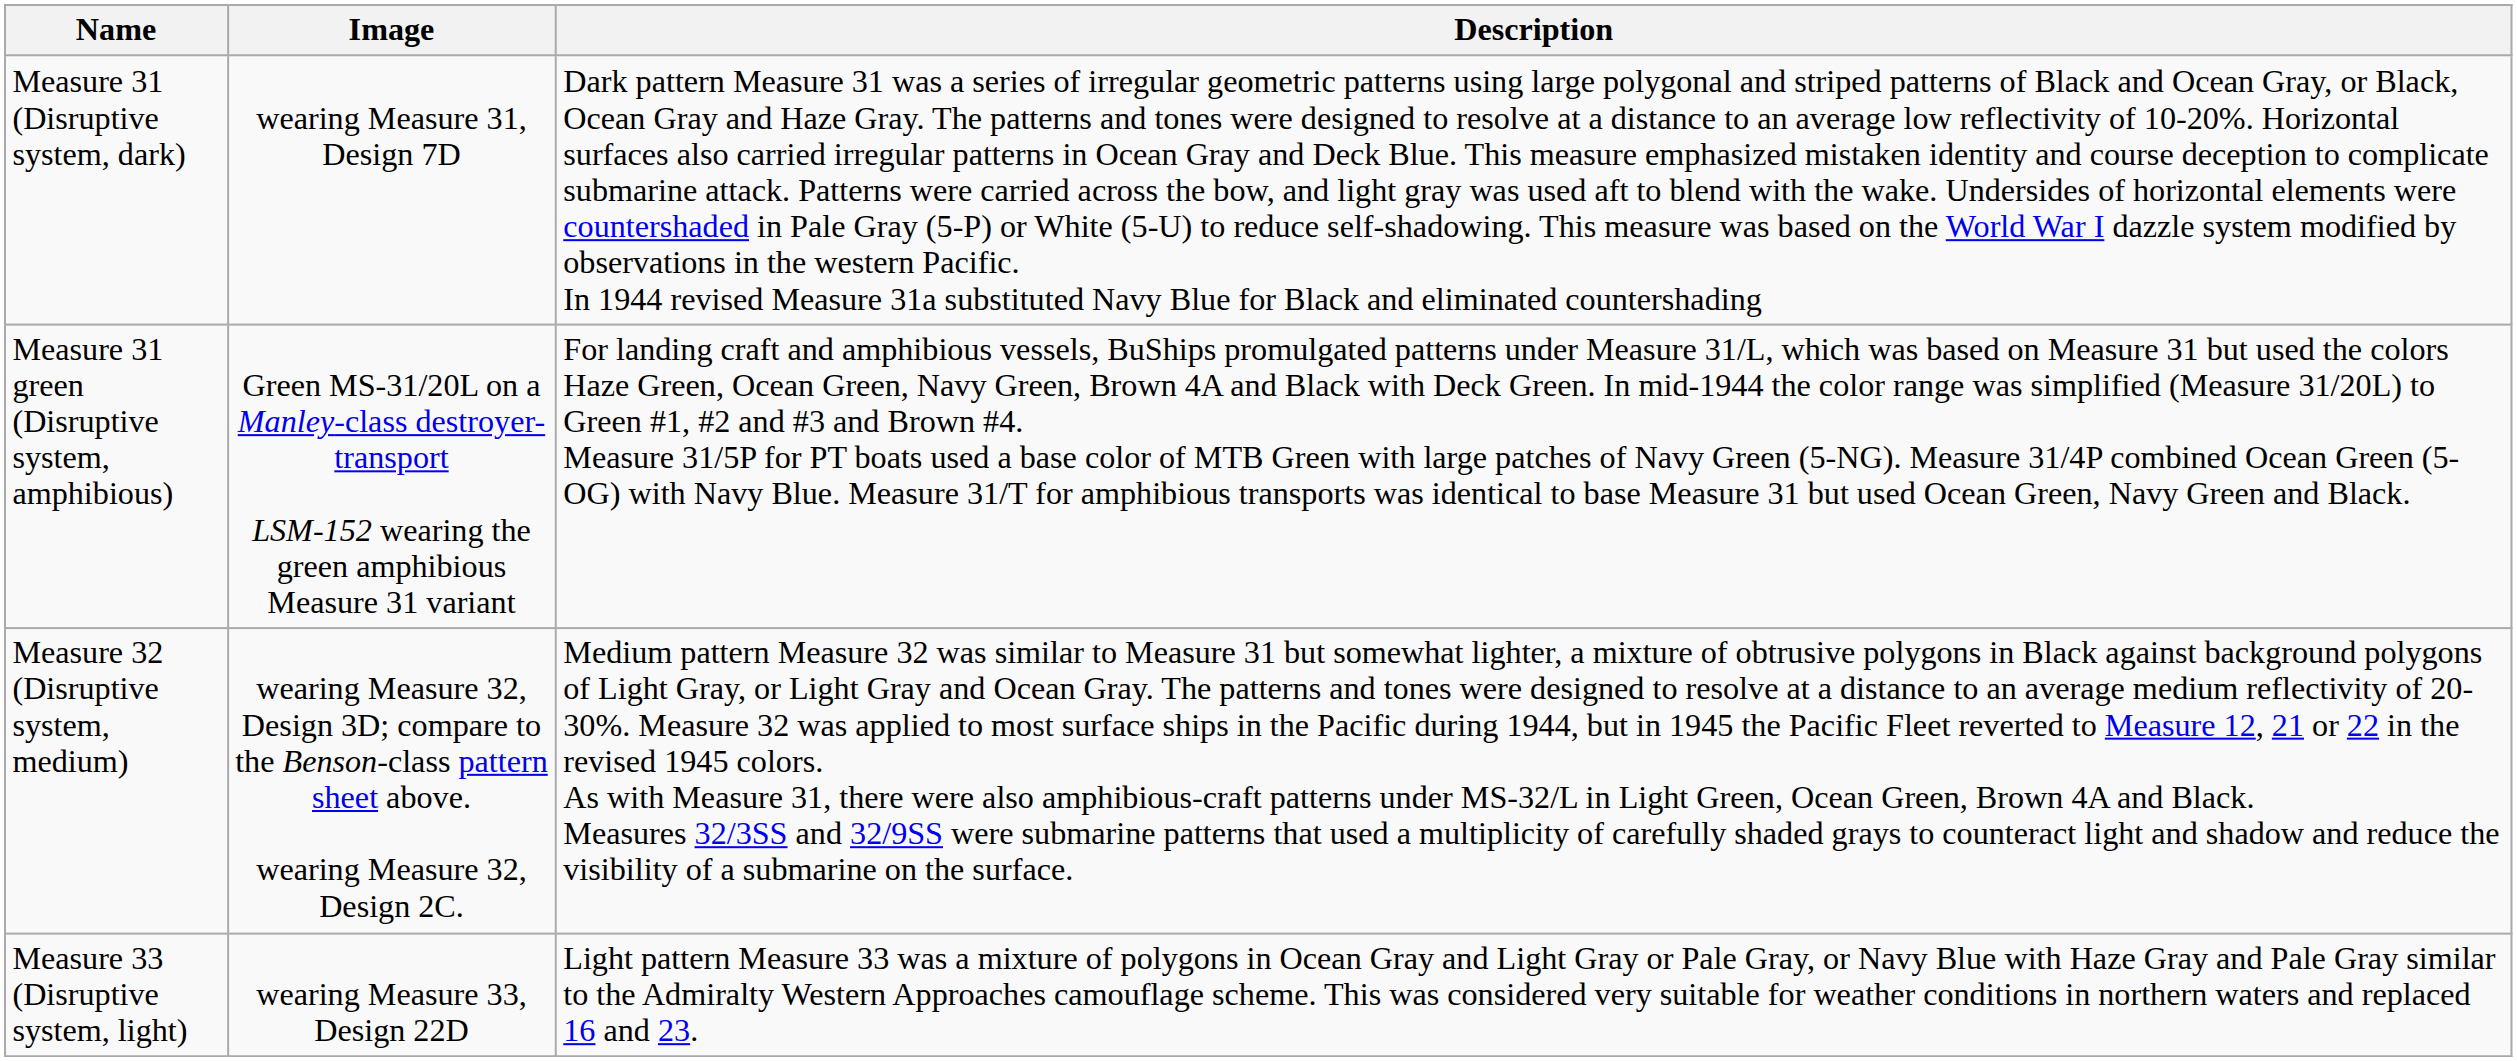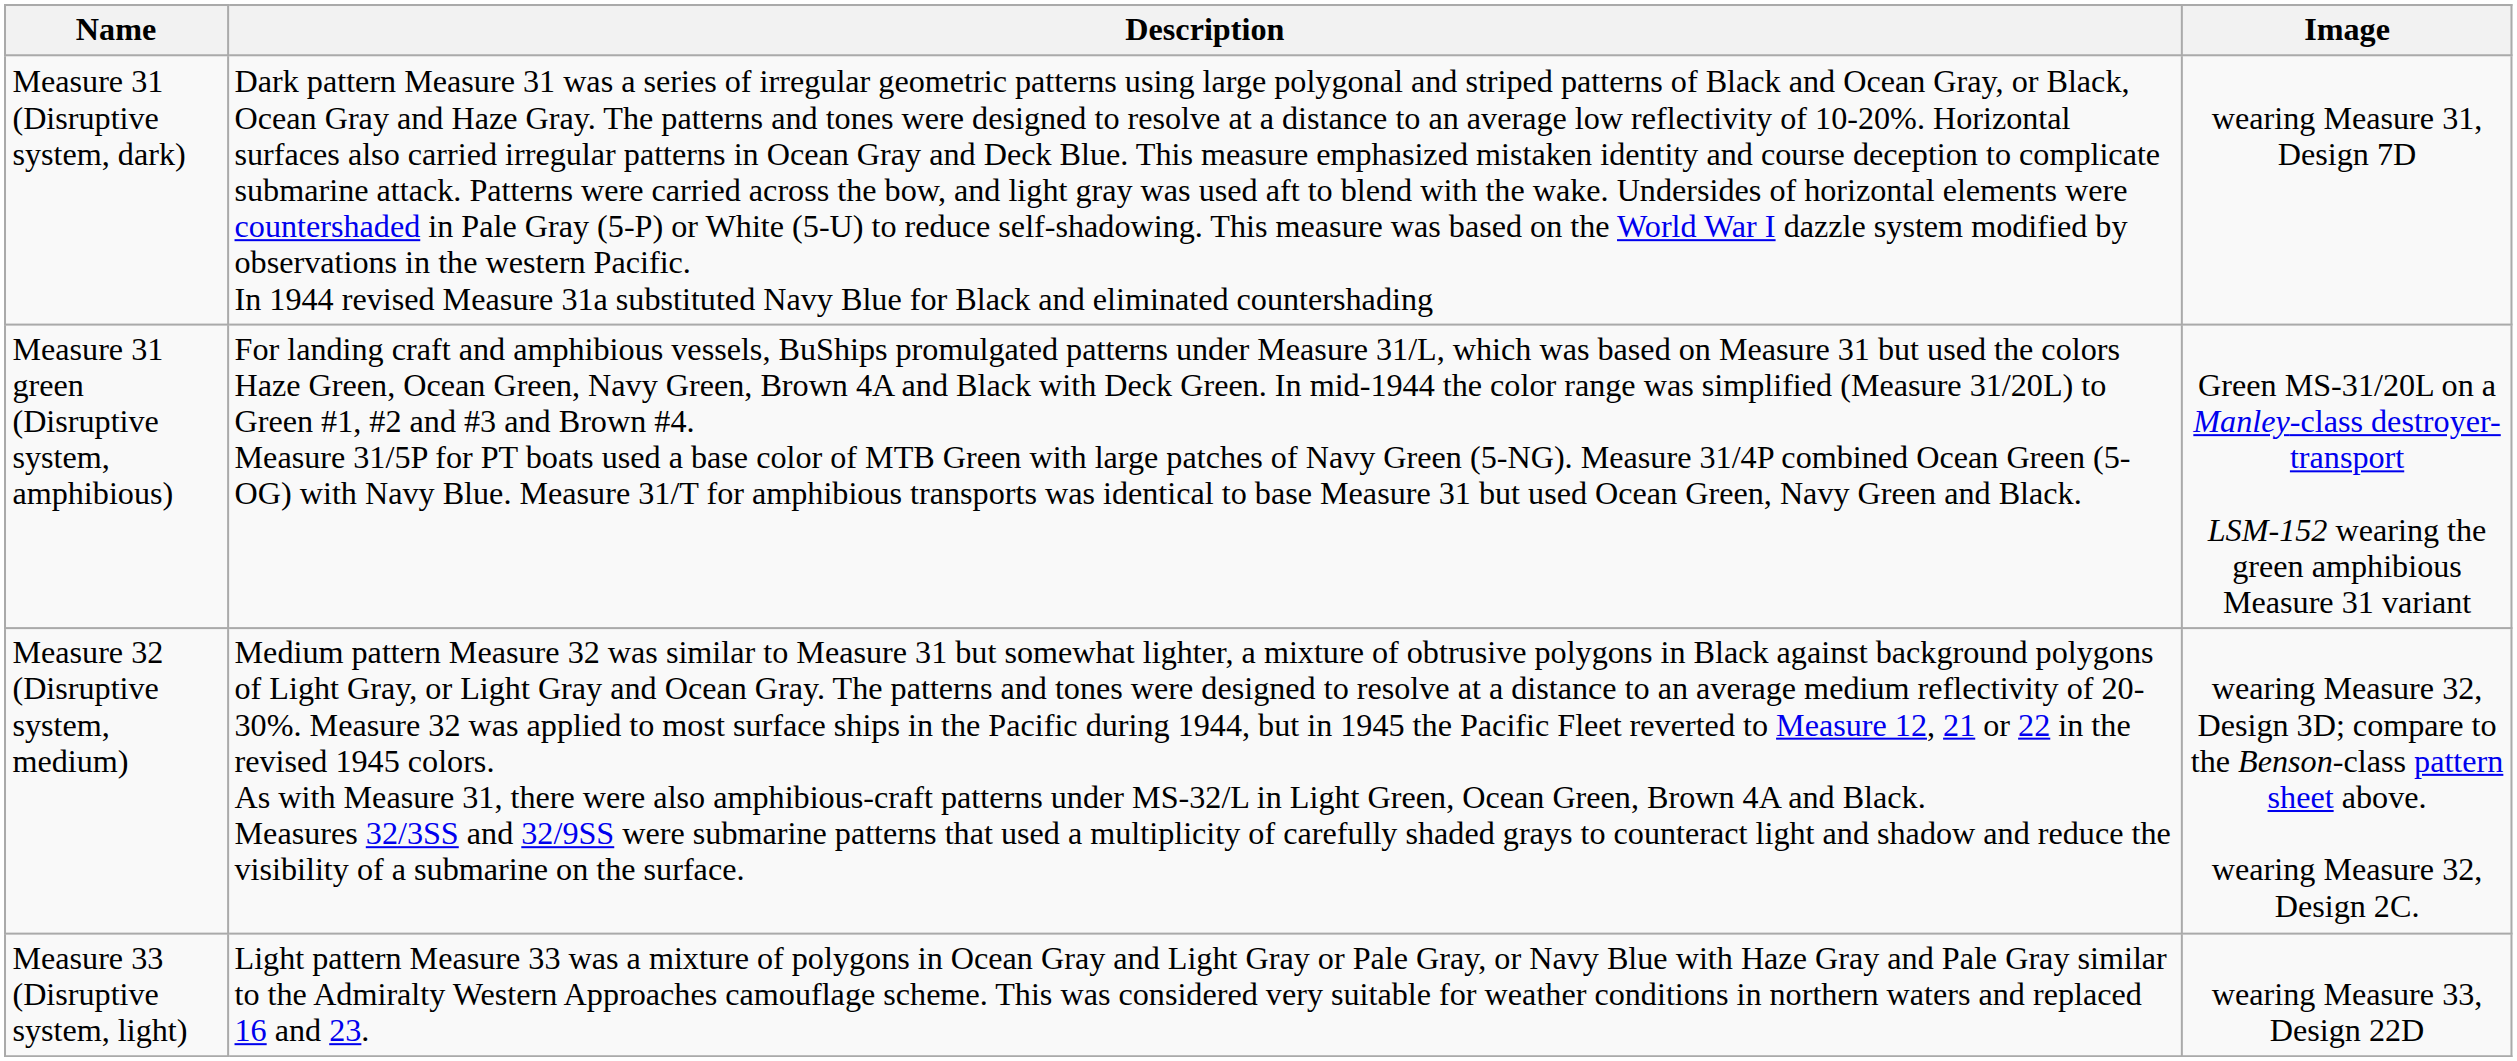 <table class="wikitable">
 <tr>
 <th>Name</th>
+<th>Description</th>
 <th>Image</th>
-<th>Description</th>
 </tr>
 <tr id="Measure 31" style="vertical-align:top;">
 <td>Measure 31 <br>(Disruptive system, dark)</td>
+<td>Dark pattern Measure 31 was a series of irregular geometric patterns using large polygonal and striped patterns of Black and Ocean Gray, or Black, Ocean Gray and Haze Gray. The patterns and tones were designed to resolve at a distance to an average low reflectivity of 10-20%. Horizontal surfaces also carried irregular patterns in Ocean Gray and Deck Blue. This measure emphasized mistaken identity and course deception to complicate submarine attack. Patterns were carried across the bow, and light gray was used aft to blend with the wake. Undersides of horizontal elements were <a href='#'>countershaded</a> in Pale Gray (5-P) or White (5-U) to reduce self-shadowing. This measure was based on the <a href='#'>World War I</a> dazzle system modified by observations in the western Pacific.<br>In 1944 revised Measure 31a substituted Navy Blue for Black and eliminated countershading</td>
 <td align=center><br> wearing Measure 31, Design 7D</td>
-<td>Dark pattern Measure 31 was a series of irregular geometric patterns using large polygonal and striped patterns of Black and Ocean Gray, or Black, Ocean Gray and Haze Gray. The patterns and tones were designed to resolve at a distance to an average low reflectivity of 10-20%. Horizontal surfaces also carried irregular patterns in Ocean Gray and Deck Blue. This measure emphasized mistaken identity and course deception to complicate submarine attack. Patterns were carried across the bow, and light gray was used aft to blend with the wake. Undersides of horizontal elements were <a href='#'>countershaded</a> in Pale Gray (5-P) or White (5-U) to reduce self-shadowing. This measure was based on the <a href='#'>World War I</a> dazzle system modified by observations in the western Pacific.<br>In 1944 revised Measure 31a substituted Navy Blue for Black and eliminated countershading</td>
 </tr>
 <tr id="Measure 31 green" style="vertical-align:top;">
 <td>Measure 31 green<br>(Disruptive system, amphibious)</td>
+<td>For landing craft and amphibious vessels, BuShips promulgated patterns under Measure 31/L, which was based on Measure 31 but used the colors Haze Green, Ocean Green, Navy Green, Brown 4A and Black with Deck Green. In mid-1944 the color range was simplified (Measure 31/20L) to Green #1, #2 and #3 and Brown #4.<br>Measure 31/5P for PT boats used a base color of MTB Green with large patches of Navy Green (5-NG). Measure 31/4P combined Ocean Green (5-OG) with Navy Blue. Measure 31/T for amphibious transports was identical to base Measure 31 but used Ocean Green, Navy Green and Black.</td>
 <td align=center><br>Green MS-31/20L on a <a href='#'><em>Manley</em>-class destroyer-transport</a><br> <br> <em>LSM-152</em> wearing the green amphibious Measure 31 variant</td>
-<td>For landing craft and amphibious vessels, BuShips promulgated patterns under Measure 31/L, which was based on Measure 31 but used the colors Haze Green, Ocean Green, Navy Green, Brown 4A and Black with Deck Green. In mid-1944 the color range was simplified (Measure 31/20L) to Green #1, #2 and #3 and Brown #4.<br>Measure 31/5P for PT boats used a base color of MTB Green with large patches of Navy Green (5-NG). Measure 31/4P combined Ocean Green (5-OG) with Navy Blue. Measure 31/T for amphibious transports was identical to base Measure 31 but used Ocean Green, Navy Green and Black.</td>
 </tr>
 <tr id="Measure 32" style="vertical-align:top;">
 <td>Measure 32<br>(Disruptive system, medium)</td>
+<td>Medium pattern Measure 32 was similar to Measure 31 but somewhat lighter, a mixture of obtrusive polygons in Black against background polygons of Light Gray, or Light Gray and Ocean Gray. The patterns and tones were designed to resolve at a distance to an average medium reflectivity of 20-30%. Measure 32 was applied to most surface ships in the Pacific during 1944, but in 1945 the Pacific Fleet reverted to <a href='#'>Measure 12</a>, <a href='#'>21</a> or <a href='#'>22</a> in the revised 1945 colors.<br>As with Measure 31, there were also amphibious-craft patterns under MS-32/L in Light Green, Ocean Green, Brown 4A and Black.<br>Measures <a href='#'>32/3SS</a> and <a href='#'>32/9SS</a> were submarine patterns that used a multiplicity of carefully shaded grays to counteract light and shadow and reduce the visibility of a submarine on the surface.<br></td>
 <td align=center><br> wearing Measure 32, Design 3D; compare to the <em>Benson</em>-class <a href='#'>pattern sheet</a> above.<br> <br>  wearing Measure 32, Design 2C.</td>
-<td>Medium pattern Measure 32 was similar to Measure 31 but somewhat lighter, a mixture of obtrusive polygons in Black against background polygons of Light Gray, or Light Gray and Ocean Gray. The patterns and tones were designed to resolve at a distance to an average medium reflectivity of 20-30%. Measure 32 was applied to most surface ships in the Pacific during 1944, but in 1945 the Pacific Fleet reverted to <a href='#'>Measure 12</a>, <a href='#'>21</a> or <a href='#'>22</a> in the revised 1945 colors.<br>As with Measure 31, there were also amphibious-craft patterns under MS-32/L in Light Green, Ocean Green, Brown 4A and Black.<br>Measures <a href='#'>32/3SS</a> and <a href='#'>32/9SS</a> were submarine patterns that used a multiplicity of carefully shaded grays to counteract light and shadow and reduce the visibility of a submarine on the surface.<br></td>
 </tr>
 <tr id="Measure 33" style="vertical-align:top;">
 <td>Measure 33<br>(Disruptive system, light)</td>
+<td>Light pattern Measure 33 was a mixture of polygons in Ocean Gray and Light Gray or Pale Gray, or Navy Blue with Haze Gray and Pale Gray  similar to the Admiralty Western Approaches camouflage scheme. This was considered very suitable for weather conditions in northern waters and replaced <a href='#'>16</a> and <a href='#'>23</a>.</td>
 <td align=center><br> wearing Measure 33, Design 22D</td>
-<td>Light pattern Measure 33 was a mixture of polygons in Ocean Gray and Light Gray or Pale Gray, or Navy Blue with Haze Gray and Pale Gray  similar to the Admiralty Western Approaches camouflage scheme. This was considered very suitable for weather conditions in northern waters and replaced <a href='#'>16</a> and <a href='#'>23</a>.</td>
 </tr>
 </table>
